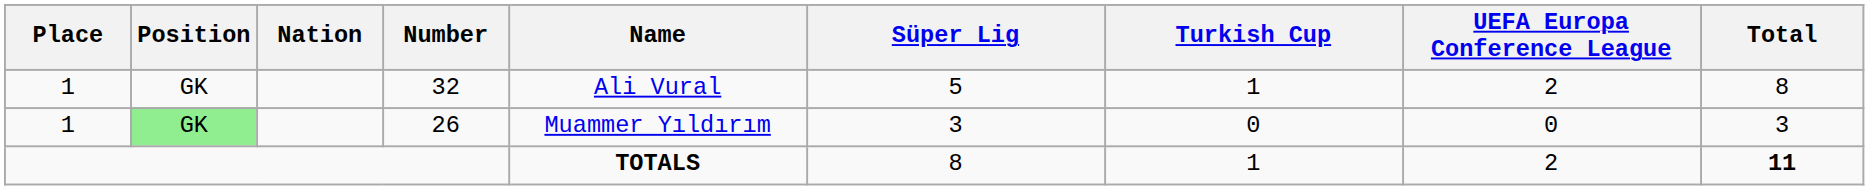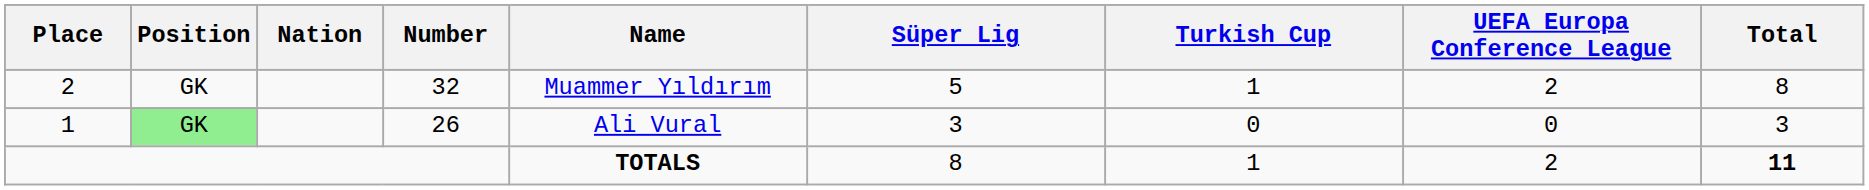 <table class="wikitable" style="font-size: 95%; text-align: center;">
 <tr>
 <th width=60>Place</th>
 <th width=60>Position</th>
 <th width=60>Nation</th>
 <th width=60>Number</th>
 <th width=150>Name</th>
 <th width=150><a href='#'>Süper Lig</a></th>
 <th width=150><a href='#'>Turkish Cup</a></th>
 <th width=150><a href='#'>UEFA Europa Conference League</a></th>
 <th width=80><strong>Total</strong></th>
 </tr>
 <tr>
-<td>1</td>
+<td>2</td>
 <td>GK</td>
 <td></td>
 <td>32</td>
-<td><a href='#'>Ali Vural</a></td>
+<td><a href='#'>Muammer Yıldırım</a></td>
 <td>5</td>
 <td>1</td>
 <td>2</td>
 <td>8</td>
 </tr>
 <tr>
 <td>1</td>
 <td style="background: lightgreen;">GK</td>
 <td></td>
 <td>26</td>
-<td><a href='#'>Muammer Yıldırım</a></td>
+<td><a href='#'>Ali Vural</a></td>
 <td>3</td>
 <td>0</td>
 <td>0</td>
 <td>3</td>
 </tr>
 <tr>
 <td colspan="4"></td>
 <td><strong>TOTALS</strong></td>
 <td>8</td>
 <td>1</td>
 <td>2</td>
 <td><strong>11</strong></td>
 </tr>
 </table>
